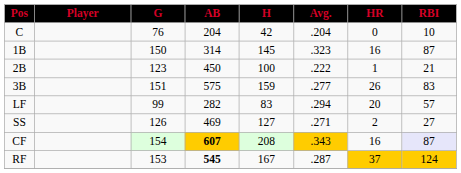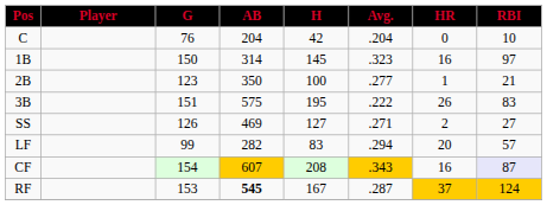 <table class="wikitable sortable">
 <tr>
 <th style="background:black;color:#d40026;" width="5%">Pos</th>
 <th style="background:black;color:#d40026;" width="16%">Player</th>
 <th style="background:black;color:#d40026;" width="9%">G</th>
 <th style="background:black;color:#d40026;" width="9%">AB</th>
 <th style="background:black;color:#d40026;" width="9%">H</th>
 <th style="background:black;color:#d40026;" width="9%">Avg.</th>
 <th style="background:black;color:#d40026;" width="9%">HR</th>
 <th style="background:black;color:#d40026;" width="9%">RBI</th>
 </tr>
 <tr align="center">
 <td>C</td>
 <td></td>
 <td>76</td>
 <td>204</td>
 <td>42</td>
 <td>.204</td>
 <td>0</td>
 <td>10</td>
 </tr>
 <tr align="center">
 <td>1B</td>
 <td></td>
 <td>150</td>
 <td>314</td>
 <td>145</td>
 <td>.323</td>
 <td>16</td>
-<td>87</td>
+<td>97</td>
 </tr>
 <tr align="center">
 <td>2B</td>
 <td></td>
 <td>123</td>
-<td>450</td>
+<td>350</td>
 <td>100</td>
-<td>.222</td>
+<td>.277</td>
 <td>1</td>
 <td>21</td>
 </tr>
 <tr align="center">
 <td>3B</td>
 <td></td>
 <td>151</td>
 <td>575</td>
-<td>159</td>
-<td>.277</td>
+<td>195</td>
+<td>.222</td>
 <td>26</td>
 <td>83</td>
+</tr>
+<tr align="center">
+<td>SS</td>
+<td></td>
+<td>126</td>
+<td>469</td>
+<td>127</td>
+<td>.271</td>
+<td>2</td>
+<td>27</td>
 </tr>
 <tr align="center">
 <td>LF</td>
 <td></td>
 <td>99</td>
 <td>282</td>
 <td>83</td>
 <td>.294</td>
 <td>20</td>
 <td>57</td>
 </tr>
 <tr align="center">
-<td>SS</td>
-<td></td>
-<td>126</td>
-<td>469</td>
-<td>127</td>
-<td>.271</td>
-<td>2</td>
-<td>27</td>
-</tr>
-<tr align="center">
 <td>CF</td>
 <td></td>
 <td style="background:#DDFFDD;">154</td>
-<td style="background:#fc0;"><strong>607</strong></td>
+<td style="background:#fc0;">607</td>
 <td style="background:#DDFFDD;">208</td>
 <td style="background:#fc0;">.343</td>
 <td>16</td>
 <td style="background: lavender;">87</td>
 </tr>
 <tr align="center">
 <td>RF</td>
 <td></td>
 <td>153</td>
 <td><strong>545</strong></td>
 <td>167</td>
 <td>.287</td>
 <td style="background:#fc0;">37</td>
 <td style="background:#fc0;">124</td>
 </tr>
 <tr>
 </tr>
 </table>
